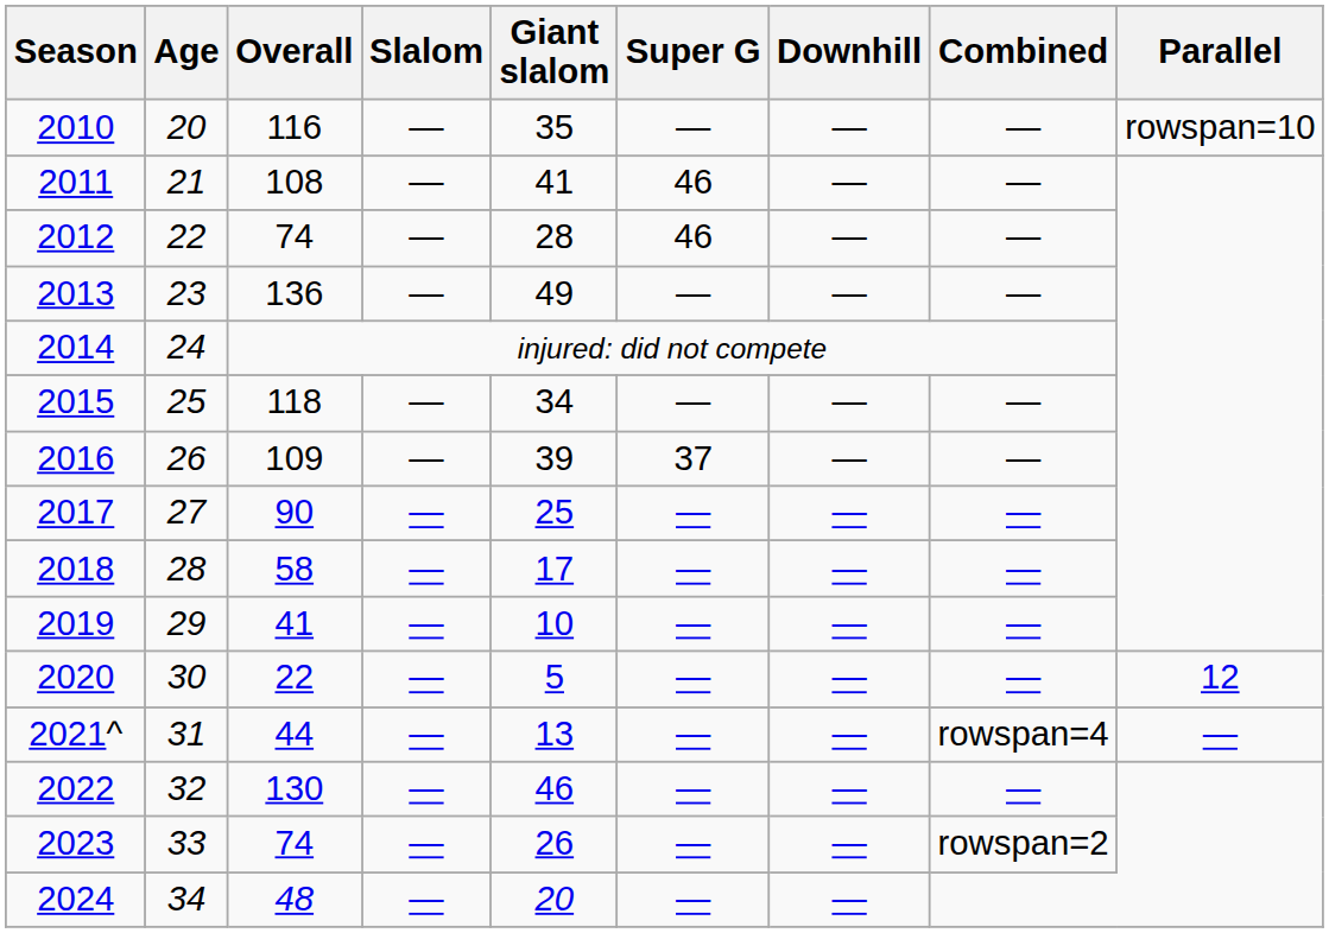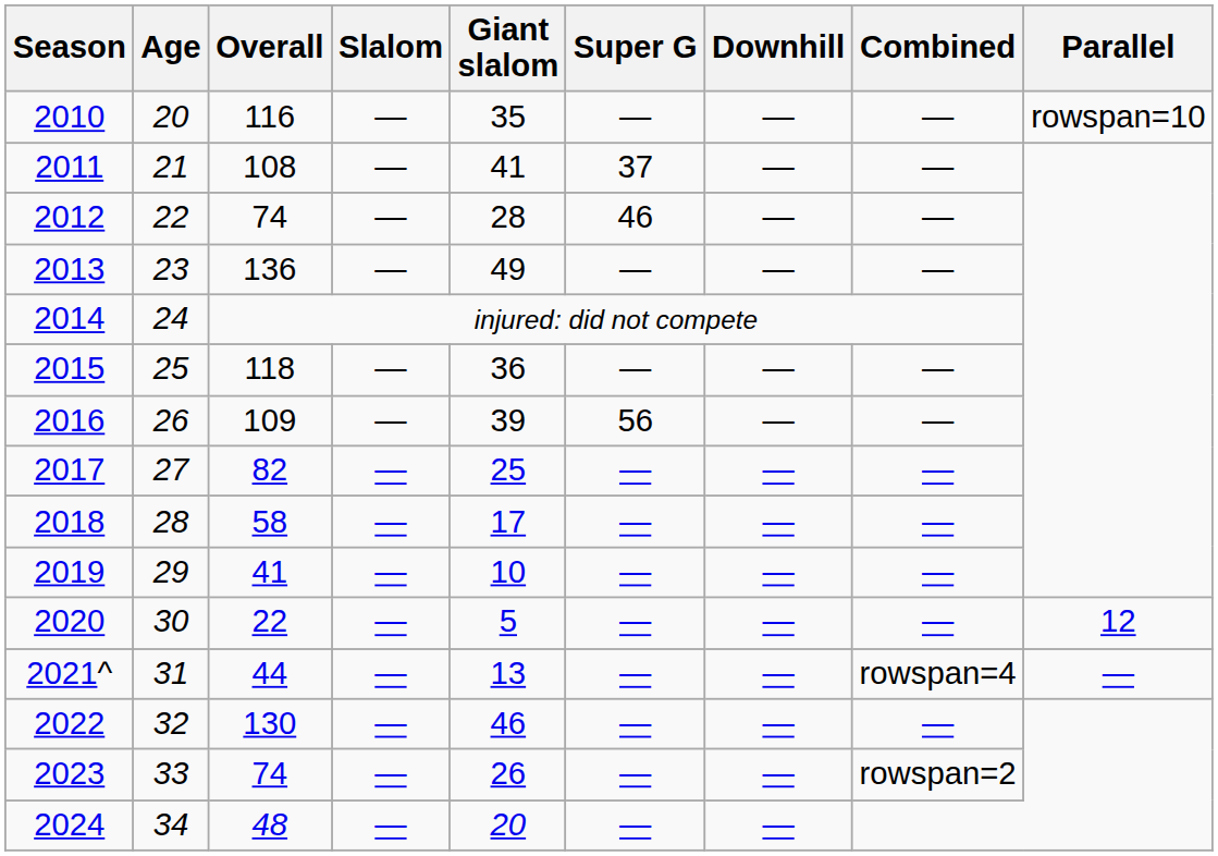 <table class=wikitable style="text-align:center">
 <tr>
 <th>Season</th>
 <th>Age</th>
 <th>Overall</th>
 <th>Slalom</th>
 <th>Giant<br>slalom</th>
 <th>Super G</th>
 <th>Downhill</th>
 <th>Combined</th>
 <th>Parallel</th>
 </tr>
 <tr>
 <td><a href='#'>2010</a></td>
 <td><em>20</em></td>
 <td>116</td>
 <td>—</td>
 <td>35</td>
 <td>—</td>
 <td>—</td>
 <td>—</td>
 <td>rowspan=10 </td>
 </tr>
 <tr>
 <td><a href='#'>2011</a></td>
 <td><em>21</em></td>
 <td>108</td>
 <td>—</td>
 <td>41</td>
-<td>46</td>
+<td>37</td>
 <td>—</td>
 <td>—</td>
 </tr>
 <tr>
 <td><a href='#'>2012</a></td>
 <td><em>22</em></td>
 <td>74</td>
 <td>—</td>
 <td>28</td>
 <td>46</td>
 <td>—</td>
 <td>—</td>
 </tr>
 <tr>
 <td><a href='#'>2013</a></td>
 <td><em>23</em></td>
 <td>136</td>
 <td>—</td>
 <td>49</td>
 <td>—</td>
 <td>—</td>
 <td>—</td>
 </tr>
 <tr>
 <td><a href='#'>2014</a></td>
 <td><em>24</em></td>
 <td colspan=6><small><em>injured: did not compete</em></small></td>
 </tr>
 <tr>
 <td><a href='#'>2015</a></td>
 <td><em>25</em></td>
 <td>118</td>
 <td>—</td>
-<td>34</td>
+<td>36</td>
 <td>—</td>
 <td>—</td>
 <td>—</td>
 </tr>
 <tr>
 <td><a href='#'>2016</a></td>
 <td><em>26</em></td>
 <td>109</td>
 <td>—</td>
 <td>39</td>
-<td>37</td>
+<td>56</td>
 <td>—</td>
 <td>—</td>
 </tr>
 <tr>
 <td><a href='#'>2017</a></td>
 <td><em>27</em></td>
-<td><a href='#'>90</a></td>
+<td><a href='#'>82</a></td>
 <td><a href='#'>—</a></td>
 <td><a href='#'>25</a></td>
 <td><a href='#'>—</a></td>
 <td><a href='#'>—</a></td>
 <td><a href='#'>—</a></td>
 </tr>
 <tr>
 <td><a href='#'>2018</a></td>
 <td><em>28</em></td>
 <td><a href='#'>58</a></td>
 <td><a href='#'>—</a></td>
 <td><a href='#'>17</a></td>
 <td><a href='#'>—</a></td>
 <td><a href='#'>—</a></td>
 <td><a href='#'>—</a></td>
 </tr>
 <tr>
 <td><a href='#'>2019</a></td>
 <td><em>29</em></td>
 <td><a href='#'>41</a></td>
 <td><a href='#'>—</a></td>
 <td><a href='#'>10</a></td>
 <td><a href='#'>—</a></td>
 <td><a href='#'>—</a></td>
 <td><a href='#'>—</a></td>
 </tr>
 <tr>
 <td><a href='#'>2020</a></td>
 <td><em>30</em></td>
 <td><a href='#'>22</a></td>
 <td><a href='#'>—</a></td>
 <td><a href='#'>5</a></td>
 <td><a href='#'>—</a></td>
 <td><a href='#'>—</a></td>
 <td><a href='#'>—</a></td>
 <td><a href='#'>12</a></td>
 </tr>
 <tr>
 <td><a href='#'>2021</a>^</td>
 <td><em>31</em></td>
 <td><a href='#'>44</a></td>
 <td><a href='#'>—</a></td>
 <td><a href='#'>13</a></td>
 <td><a href='#'>—</a></td>
 <td><a href='#'>—</a></td>
 <td>rowspan=4 </td>
 <td><a href='#'>—</a></td>
 </tr>
 <tr>
 <td><a href='#'>2022</a></td>
 <td><em>32</em></td>
 <td><a href='#'>130</a></td>
 <td><a href='#'>—</a></td>
 <td><a href='#'>46</a></td>
 <td><a href='#'>—</a></td>
 <td><a href='#'>—</a></td>
 <td><a href='#'>—</a></td>
 </tr>
 <tr>
 <td><a href='#'>2023</a></td>
 <td><em>33</em></td>
 <td><a href='#'>74</a></td>
 <td><a href='#'>—</a></td>
 <td><a href='#'>26</a></td>
 <td><a href='#'>—</a></td>
 <td><a href='#'>—</a></td>
 <td>rowspan=2 </td>
 </tr>
 <tr>
 <td><a href='#'>2024</a></td>
 <td><em>34</em></td>
 <td><em><a href='#'>48</a></em></td>
 <td><a href='#'>—</a></td>
 <td><em><a href='#'>20</a></em></td>
 <td><a href='#'>—</a></td>
 <td><a href='#'>—</a></td>
 </tr>
 </table>
